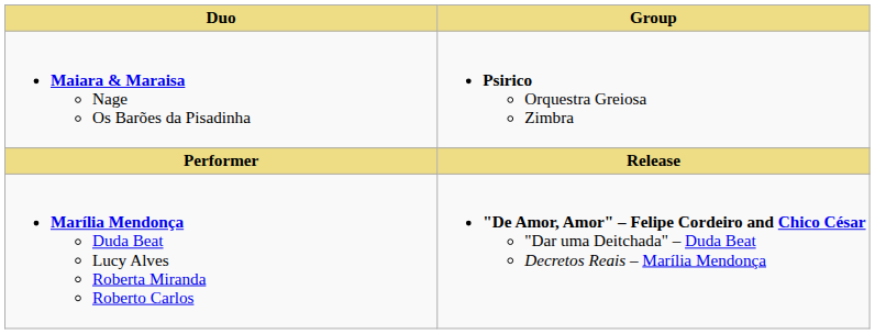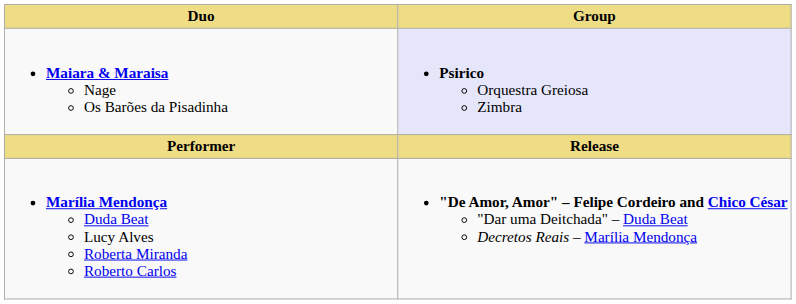 <table class="wikitable" style="width=">
 <tr>
 <th style="background:#EEDD85; width:50%">Duo</th>
 <th style="background:#EEDD85; width:50%">Group</th>
 </tr>
 <tr>
 <td style="vertical-align:top"><br><ul><li><strong><a href='#'>Maiara & Maraisa</a></strong><ul><li>Nage</li><li>Os Barões da Pisadinha</li></ul></li></ul></td>
-<td style="vertical-align:top"><br><ul><li><strong>Psirico</strong><ul><li>Orquestra Greiosa</li><li>Zimbra</li></ul></li></ul></td>
+<td style="background: lavender; vertical-align:top"><br><ul><li><strong>Psirico</strong><ul><li>Orquestra Greiosa</li><li>Zimbra</li></ul></li></ul></td>
 </tr>
 <tr>
 <th style="background:#EEDD85; width:50%">Performer</th>
 <th style="background:#EEDD85; width:50%">Release</th>
 </tr>
 <tr>
 <td style="vertical-align:top"><br><ul><li><strong><a href='#'>Marília Mendonça</a></strong><ul><li><a href='#'>Duda Beat</a></li><li>Lucy Alves</li><li><a href='#'>Roberta Miranda</a></li><li><a href='#'>Roberto Carlos</a></li></ul></li></ul></td>
 <td style="vertical-align:top"><br><ul><li><strong>"De Amor, Amor" – Felipe Cordeiro and <a href='#'>Chico César</a></strong><ul><li>"Dar uma Deitchada" – <a href='#'>Duda Beat</a></li><li><em>Decretos Reais</em> – <a href='#'>Marília Mendonça</a></li></ul></li></ul></td>
 </tr>
 </table>
